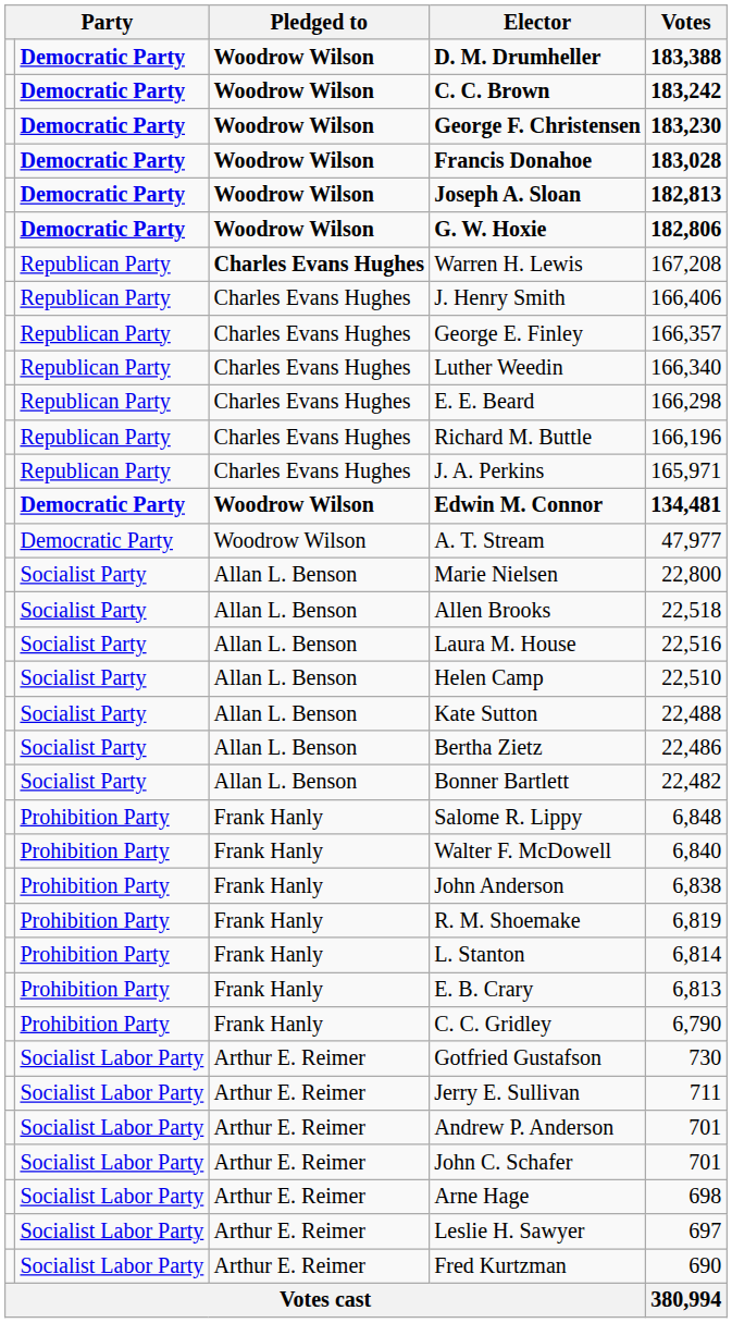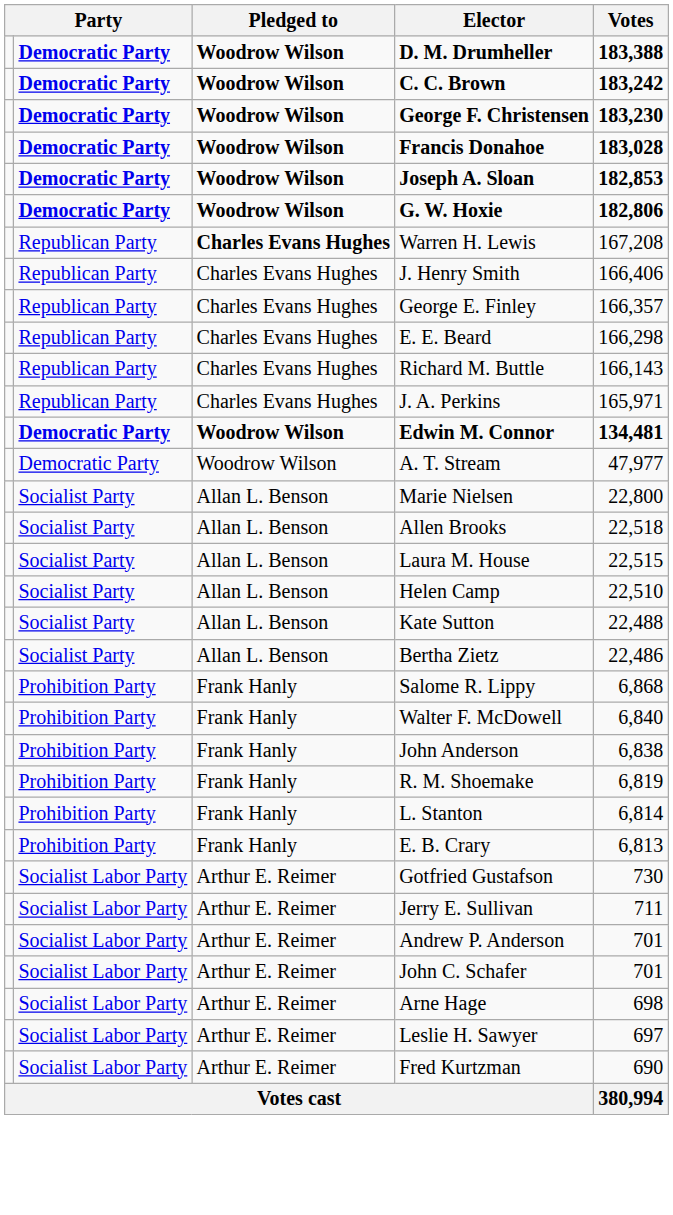 <table class="wikitable">
 <tr>
 <th colspan=2>Party</th>
 <th>Pledged to</th>
 <th>Elector</th>
 <th>Votes</th>
 </tr>
 <tr style="font-weight:bold">
 <td></td>
 <td><a href='#'>Democratic Party</a></td>
 <td>Woodrow Wilson</td>
 <td>D. M. Drumheller</td>
 <td align="right">183,388</td>
 </tr>
 <tr style="font-weight:bold">
 <td></td>
 <td><a href='#'>Democratic Party</a></td>
 <td>Woodrow Wilson</td>
 <td>C. C. Brown</td>
 <td align="right">183,242</td>
 </tr>
 <tr style="font-weight:bold">
 <td></td>
 <td><a href='#'>Democratic Party</a></td>
 <td>Woodrow Wilson</td>
 <td>George F. Christensen</td>
 <td align="right">183,230</td>
 </tr>
 <tr style="font-weight:bold">
 <td></td>
 <td><a href='#'>Democratic Party</a></td>
 <td>Woodrow Wilson</td>
 <td>Francis Donahoe</td>
 <td align="right">183,028</td>
 </tr>
 <tr style="font-weight:bold">
 <td></td>
 <td><a href='#'>Democratic Party</a></td>
 <td>Woodrow Wilson</td>
 <td>Joseph A. Sloan</td>
-<td align="right">182,813</td>
+<td align="right">182,853</td>
 </tr>
 <tr style="font-weight:bold">
 <td></td>
 <td><a href='#'>Democratic Party</a></td>
 <td>Woodrow Wilson</td>
 <td>G. W. Hoxie</td>
 <td align="right">182,806</td>
 </tr>
 <tr>
 <td></td>
 <td><a href='#'>Republican Party</a></td>
 <td><strong>Charles Evans Hughes</strong></td>
 <td>Warren H. Lewis</td>
 <td align="right">167,208</td>
 </tr>
 <tr>
 <td></td>
 <td><a href='#'>Republican Party</a></td>
 <td>Charles Evans Hughes</td>
 <td>J. Henry Smith</td>
 <td align="right">166,406</td>
 </tr>
 <tr>
 <td></td>
 <td><a href='#'>Republican Party</a></td>
 <td>Charles Evans Hughes</td>
 <td>George E. Finley</td>
 <td align="right">166,357</td>
 </tr>
 <tr>
 <td></td>
 <td><a href='#'>Republican Party</a></td>
 <td>Charles Evans Hughes</td>
-<td>Luther Weedin</td>
-<td align="right">166,340</td>
-</tr>
-<tr>
-<td></td>
-<td><a href='#'>Republican Party</a></td>
-<td>Charles Evans Hughes</td>
 <td>E. E. Beard</td>
 <td align="right">166,298</td>
 </tr>
 <tr>
 <td></td>
 <td><a href='#'>Republican Party</a></td>
 <td>Charles Evans Hughes</td>
 <td>Richard M. Buttle</td>
-<td align="right">166,196</td>
+<td align="right">166,143</td>
 </tr>
 <tr>
 <td></td>
 <td><a href='#'>Republican Party</a></td>
 <td>Charles Evans Hughes</td>
 <td>J. A. Perkins</td>
 <td align="right">165,971</td>
 </tr>
 <tr style="font-weight:bold">
 <td></td>
 <td><a href='#'>Democratic Party</a></td>
 <td>Woodrow Wilson</td>
 <td>Edwin M. Connor</td>
 <td align="right">134,481</td>
 </tr>
 <tr>
 <td></td>
 <td><a href='#'>Democratic Party</a></td>
 <td>Woodrow Wilson</td>
 <td>A. T. Stream</td>
 <td align="right">47,977</td>
 </tr>
 <tr>
 <td></td>
 <td><a href='#'>Socialist Party</a></td>
 <td>Allan L. Benson</td>
 <td>Marie Nielsen</td>
 <td align="right">22,800</td>
 </tr>
 <tr>
 <td></td>
 <td><a href='#'>Socialist Party</a></td>
 <td>Allan L. Benson</td>
 <td>Allen Brooks</td>
 <td align="right">22,518</td>
 </tr>
 <tr>
 <td></td>
 <td><a href='#'>Socialist Party</a></td>
 <td>Allan L. Benson</td>
 <td>Laura M. House</td>
-<td align="right">22,516</td>
+<td align="right">22,515</td>
 </tr>
 <tr>
 <td></td>
 <td><a href='#'>Socialist Party</a></td>
 <td>Allan L. Benson</td>
 <td>Helen Camp</td>
 <td align="right">22,510</td>
 </tr>
 <tr>
 <td></td>
 <td><a href='#'>Socialist Party</a></td>
 <td>Allan L. Benson</td>
 <td>Kate Sutton</td>
 <td align="right">22,488</td>
 </tr>
 <tr>
 <td></td>
 <td><a href='#'>Socialist Party</a></td>
 <td>Allan L. Benson</td>
 <td>Bertha Zietz</td>
 <td align="right">22,486</td>
 </tr>
 <tr>
 <td></td>
-<td><a href='#'>Socialist Party</a></td>
-<td>Allan L. Benson</td>
-<td>Bonner Bartlett</td>
-<td align="right">22,482</td>
-</tr>
-<tr>
-<td></td>
 <td><a href='#'>Prohibition Party</a></td>
 <td>Frank Hanly</td>
 <td>Salome R. Lippy</td>
-<td align="right">6,848</td>
+<td align="right">6,868</td>
 </tr>
 <tr>
 <td></td>
 <td><a href='#'>Prohibition Party</a></td>
 <td>Frank Hanly</td>
 <td>Walter F. McDowell</td>
 <td align="right">6,840</td>
 </tr>
 <tr>
 <td></td>
 <td><a href='#'>Prohibition Party</a></td>
 <td>Frank Hanly</td>
 <td>John Anderson</td>
 <td align="right">6,838</td>
 </tr>
 <tr>
 <td></td>
 <td><a href='#'>Prohibition Party</a></td>
 <td>Frank Hanly</td>
 <td>R. M. Shoemake</td>
 <td align="right">6,819</td>
 </tr>
 <tr>
 <td></td>
 <td><a href='#'>Prohibition Party</a></td>
 <td>Frank Hanly</td>
 <td>L. Stanton</td>
 <td align="right">6,814</td>
 </tr>
 <tr>
 <td></td>
 <td><a href='#'>Prohibition Party</a></td>
 <td>Frank Hanly</td>
 <td>E. B. Crary</td>
 <td align="right">6,813</td>
-</tr>
-<tr>
-<td></td>
-<td><a href='#'>Prohibition Party</a></td>
-<td>Frank Hanly</td>
-<td>C. C. Gridley</td>
-<td align="right">6,790</td>
 </tr>
 <tr>
 <td></td>
 <td><a href='#'>Socialist Labor Party</a></td>
 <td>Arthur E. Reimer</td>
 <td>Gotfried Gustafson</td>
 <td align="right">730</td>
 </tr>
 <tr>
 <td></td>
 <td><a href='#'>Socialist Labor Party</a></td>
 <td>Arthur E. Reimer</td>
 <td>Jerry E. Sullivan</td>
 <td align="right">711</td>
 </tr>
 <tr>
 <td></td>
 <td><a href='#'>Socialist Labor Party</a></td>
 <td>Arthur E. Reimer</td>
 <td>Andrew P. Anderson</td>
 <td align="right">701</td>
 </tr>
 <tr>
 <td></td>
 <td><a href='#'>Socialist Labor Party</a></td>
 <td>Arthur E. Reimer</td>
 <td>John C. Schafer</td>
 <td align="right">701</td>
 </tr>
 <tr>
 <td></td>
 <td><a href='#'>Socialist Labor Party</a></td>
 <td>Arthur E. Reimer</td>
 <td>Arne Hage</td>
 <td align="right">698</td>
 </tr>
 <tr>
 <td></td>
 <td><a href='#'>Socialist Labor Party</a></td>
 <td>Arthur E. Reimer</td>
 <td>Leslie H. Sawyer</td>
 <td align="right">697</td>
 </tr>
 <tr>
 <td></td>
 <td><a href='#'>Socialist Labor Party</a></td>
 <td>Arthur E. Reimer</td>
 <td>Fred Kurtzman</td>
 <td align="right">690</td>
 </tr>
 <tr>
 <th colspan="4">Votes cast</th>
 <th>380,994</th>
 </tr>
 </table>
